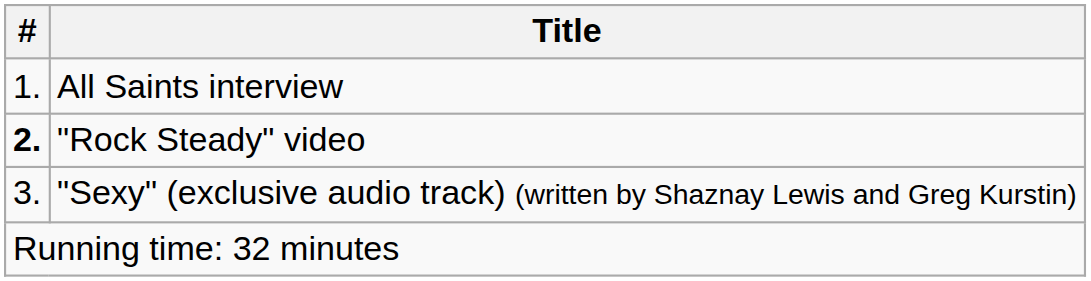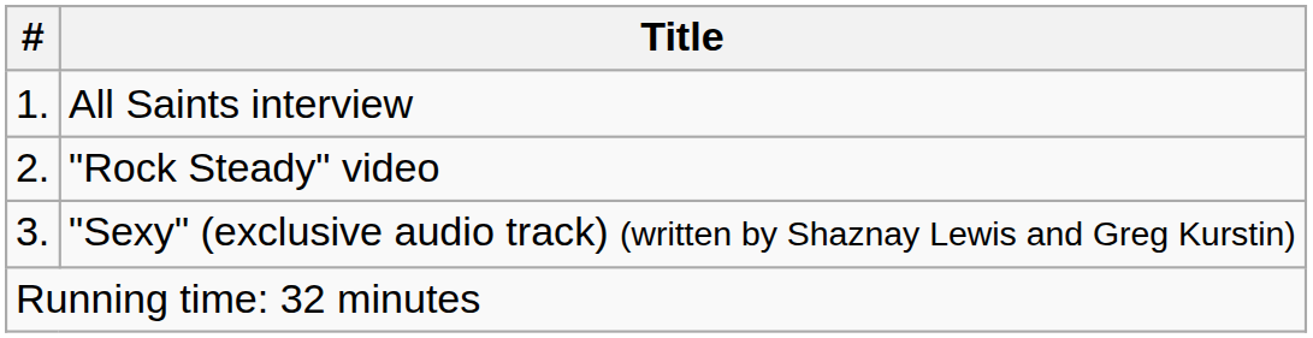 <table class="wikitable">
 <tr>
 <th bgcolor="#ebf5ff">#</th>
 <th bgcolor="#ebf5ff">Title</th>
 </tr>
 <tr>
 <td>1.</td>
 <td>All Saints interview</td>
 </tr>
 <tr>
-<td><strong>2.</strong></td>
+<td>2.</td>
 <td>"Rock Steady" video</td>
 </tr>
 <tr>
 <td>3.</td>
 <td>"Sexy" (exclusive audio track) <small>(written by Shaznay Lewis and Greg Kurstin)</small></td>
 </tr>
 <tr>
 <td colspan=2>Running time: 32 minutes</td>
 </tr>
 </table>
